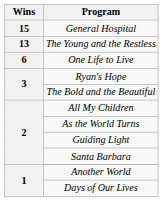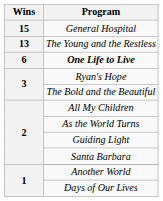 <table class="wikitable plainrowheaders sortable" style="text-align: center;">
 <tr>
 <th scope="col" width="55">Wins</th>
 <th scope="col">Program</th>
 </tr>
 <tr>
 <th scope="row">15</th>
 <td><em>General Hospital</em></td>
 </tr>
 <tr>
 <th scope="row">13</th>
 <td><em>The Young and the Restless</em></td>
 </tr>
 <tr>
 <th scope="row">6</th>
-<td><em>One Life to Live</em></td>
+<td><strong><em>One Life to Live</em></strong></td>
 </tr>
 <tr>
 <th scope="row" rowspan=2>3</th>
 <td><em>Ryan's Hope</em></td>
 </tr>
 <tr>
 <td><em>The Bold and the Beautiful</em></td>
 </tr>
 <tr>
 <th scope="row" rowspan=4>2</th>
 <td><em>All My Children</em></td>
 </tr>
 <tr>
 <td><em>As the World Turns</em></td>
 </tr>
 <tr>
 <td><em>Guiding Light</em></td>
 </tr>
 <tr>
 <td><em>Santa Barbara</em></td>
 </tr>
 <tr>
 <th scope="row" rowspan=3>1</th>
 </tr>
 <tr>
 <td><em>Another World</em></td>
 </tr>
 <tr>
 <td><em>Days of Our Lives</em></td>
 </tr>
 </table>
